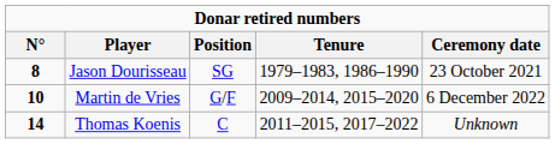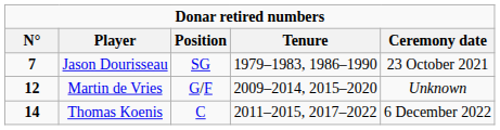 <table class="wikitable sortable" style="text-align:center">
 <tr>
 <td colspan="5"><strong>Donar retired numbers</strong></td>
 </tr>
 <tr>
 <th>N°</th>
 <th>Player</th>
 <th>Position</th>
 <th>Tenure</th>
 <th>Ceremony date</th>
 </tr>
 <tr>
-<td width=50><strong>8</strong></td>
+<td width=50><strong>7</strong></td>
 <td><a href='#'>Jason Dourisseau</a></td>
 <td><a href='#'>SG</a></td>
 <td>1979–1983, 1986–1990</td>
 <td>23 October 2021</td>
 </tr>
 <tr>
-<td width=50><strong>10</strong></td>
+<td width=50><strong>12</strong></td>
 <td><a href='#'>Martin de Vries</a></td>
 <td><a href='#'>G</a>/<a href='#'>F</a></td>
 <td>2009–2014, 2015–2020</td>
-<td>6 December 2022</td>
+<td><em>Unknown</em></td>
 </tr>
 <tr>
 <td><strong>14</strong></td>
 <td><a href='#'>Thomas Koenis</a></td>
 <td><a href='#'>C</a></td>
 <td>2011–2015, 2017–2022</td>
-<td><em>Unknown</em></td>
+<td>6 December 2022</td>
 </tr>
 </table>
